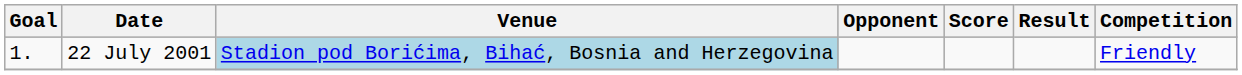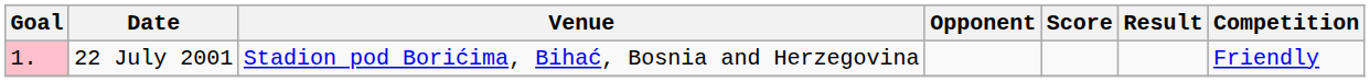 <table class=wikitable>
 <tr>
 <th>Goal</th>
 <th>Date</th>
 <th>Venue</th>
 <th>Opponent</th>
 <th>Score</th>
 <th>Result</th>
 <th>Competition</th>
 </tr>
 <tr>
-<td>1.</td>
+<td style="background: pink;">1.</td>
 <td>22 July 2001</td>
-<td style="background: lightblue;"><a href='#'>Stadion pod Borićima</a>, <a href='#'>Bihać</a>, Bosnia and Herzegovina</td>
+<td><a href='#'>Stadion pod Borićima</a>, <a href='#'>Bihać</a>, Bosnia and Herzegovina</td>
 <td></td>
 <td></td>
 <td></td>
 <td><a href='#'>Friendly</a></td>
 </tr>
 <tr>
 </tr>
 </table>
